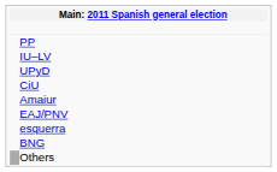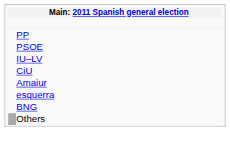 <table class="infobox vcard" style="width:23.0em; padding:0.3em; padding-bottom:0em;" cellspacing=0>
 <tr>
 <td style="background:#F2F2F2; vertical-align:middle; padding:0.4em;" width="30px"></td>
 <th colspan="4" style="text-align:center; background:#F2F2F2; font-size:0.85em; width:100%; vertical-align:middle;">Main: <a href='#'>2011 Spanish general election</a></th>
 </tr>
 <tr>
 <td colspan="5" style="text-align:center; font-size:0.85em; padding:0.5em 0em;">  </td>
 </tr>
 <tr>
 <td colspan="5"></td>
 </tr>
 <tr>
 <td colspan="5"></td>
 </tr>
 <tr>
 <th colspan="2" width="85px" style="background:#F2F2F2;"></th>
 <th width="70px" style="background:#F2F2F2;"></th>
 <th width="45px" style="background:#F2F2F2;"></th>
 <th width="30px" style="background:#F2F2F2;"></th>
 </tr>
 <tr>
 <td style="background:"></td>
 <td><a href='#'>PP</a></td>
 <td></td>
 <td></td>
 <td></td>
 </tr>
 <tr>
 <td style="background:"></td>
-<td><a href='#'>IU–LV</a></td>
+<td><a href='#'>PSOE</a></td>
 <td></td>
 <td></td>
 <td></td>
 </tr>
 <tr>
 <td style="background:"></td>
-<td><a href='#'>UPyD</a></td>
+<td><a href='#'>IU–LV</a></td>
 <td></td>
 <td></td>
 <td></td>
 </tr>
 <tr>
 <td style="background:"></td>
 <td><a href='#'>CiU</a></td>
 <td></td>
 <td></td>
 <td></td>
 </tr>
 <tr>
 <td style="background:"></td>
 <td><a href='#'>Amaiur</a></td>
-<td></td>
-<td></td>
-<td></td>
-</tr>
-<tr>
-<td style="background:"></td>
-<td><a href='#'>EAJ/PNV</a></td>
 <td></td>
 <td></td>
 <td></td>
 </tr>
 <tr>
 <td style="background:"></td>
 <td><a href='#'>esquerra</a></td>
 <td></td>
 <td></td>
 <td></td>
 </tr>
 <tr>
 <td style="background:"></td>
 <td><a href='#'>BNG</a></td>
 <td></td>
 <td></td>
 <td></td>
 </tr>
 <tr>
 <td style="background:#AAAAAA;"></td>
 <td>Others</td>
 <td></td>
 <td></td>
 <td></td>
 </tr>
 <tr>
 <th colspan="2" style="background:#F2F2F2;"></th>
 <th style="background:#F2F2F2;"></th>
 <th style="background:#F2F2F2;"></th>
 <th style="background:#F2F2F2;"></th>
 </tr>
 </table>
